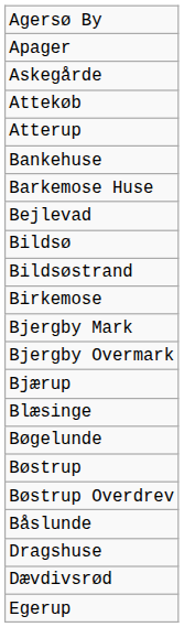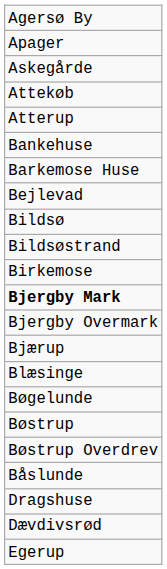 <table class="wikitable" style="float:left; margin-right:1em">
 <tr>
 <td>Agersø By</td>
 </tr>
 <tr>
 <td>Apager</td>
 </tr>
 <tr>
 <td>Askegårde</td>
 </tr>
 <tr>
 <td>Attekøb</td>
 </tr>
 <tr>
 <td>Atterup</td>
 </tr>
 <tr>
 <td>Bankehuse</td>
 </tr>
 <tr>
 <td>Barkemose Huse</td>
 </tr>
 <tr>
 <td>Bejlevad</td>
 </tr>
 <tr>
 <td>Bildsø</td>
 </tr>
 <tr>
 <td>Bildsøstrand</td>
 </tr>
 <tr>
 <td>Birkemose</td>
 </tr>
 <tr>
-<td>Bjergby Mark</td>
+<td><strong>Bjergby Mark</strong></td>
 </tr>
 <tr>
 <td>Bjergby Overmark</td>
 </tr>
 <tr>
 <td>Bjærup</td>
 </tr>
 <tr>
 <td>Blæsinge</td>
 </tr>
 <tr>
 <td>Bøgelunde</td>
 </tr>
 <tr>
 <td>Bøstrup</td>
 </tr>
 <tr>
 <td>Bøstrup Overdrev</td>
 </tr>
 <tr>
 <td>Båslunde</td>
 </tr>
 <tr>
 <td>Dragshuse</td>
 </tr>
 <tr>
 <td>Dævdivsrød</td>
 </tr>
 <tr>
 <td>Egerup</td>
 </tr>
 </table>
